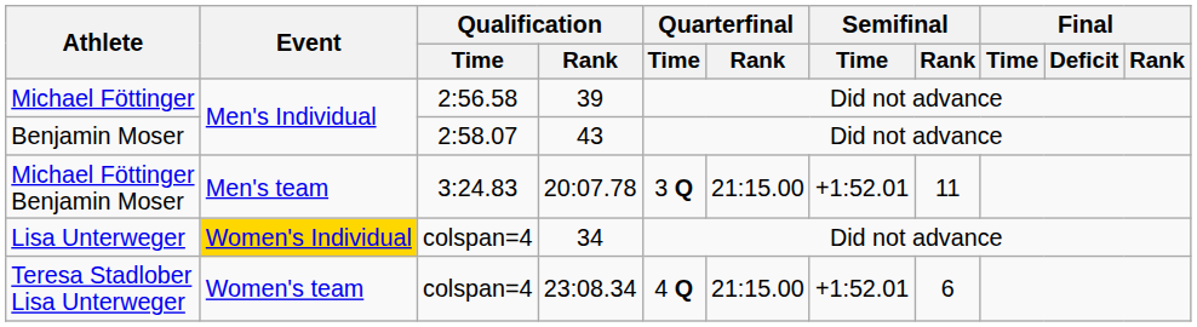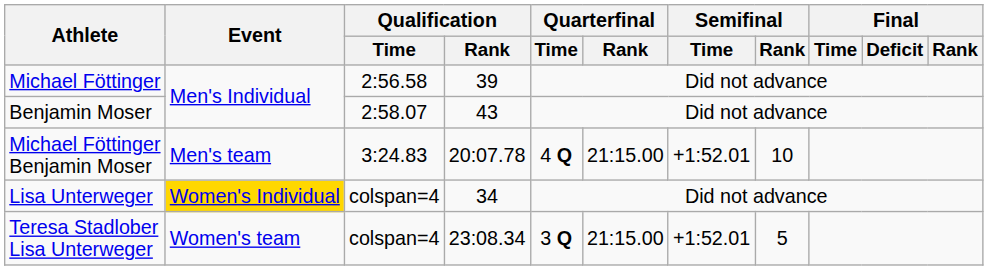 <table class=wikitable style="font-size:90%; text-align:center">
 <tr>
 <th rowspan=2>Athlete</th>
 <th rowspan=2>Event</th>
 <th colspan=2>Qualification</th>
 <th colspan=2>Quarterfinal</th>
 <th colspan=2>Semifinal</th>
 <th colspan=3>Final</th>
 </tr>
 <tr style=font-size:95%>
 <th>Time</th>
 <th>Rank</th>
 <th>Time</th>
 <th>Rank</th>
 <th>Time</th>
 <th>Rank</th>
 <th>Time</th>
 <th>Deficit</th>
 <th>Rank</th>
 </tr>
 <tr>
 <td align=left><a href='#'>Michael Föttinger</a></td>
 <td align=left rowspan=2><a href='#'>Men's Individual</a></td>
 <td>2:56.58</td>
 <td>39</td>
 <td colspan=7>Did not advance</td>
 </tr>
 <tr>
 <td align=left>Benjamin Moser</td>
 <td>2:58.07</td>
 <td>43</td>
 <td colspan=7>Did not advance</td>
 </tr>
 <tr>
 <td align=left><a href='#'>Michael Föttinger</a><br>Benjamin Moser</td>
 <td align=left><a href='#'>Men's team</a></td>
 <td>3:24.83</td>
 <td>20:07.78</td>
-<td>3 <strong>Q</strong></td>
+<td>4 <strong>Q</strong></td>
 <td>21:15.00</td>
 <td>+1:52.01</td>
-<td>11</td>
+<td>10</td>
 </tr>
 <tr>
 <td align=left><a href='#'>Lisa Unterweger</a></td>
 <td align=left style="background: gold;"><a href='#'>Women's Individual</a></td>
 <td>colspan=4 </td>
 <td>34</td>
 <td colspan=7>Did not advance</td>
 </tr>
 <tr>
 <td align=left><a href='#'>Teresa Stadlober</a><br><a href='#'>Lisa Unterweger</a></td>
 <td align=left><a href='#'>Women's team</a></td>
 <td>colspan=4 </td>
 <td>23:08.34</td>
-<td>4 <strong>Q</strong></td>
+<td>3 <strong>Q</strong></td>
 <td>21:15.00</td>
 <td>+1:52.01</td>
-<td>6</td>
+<td>5</td>
 </tr>
 </table>
